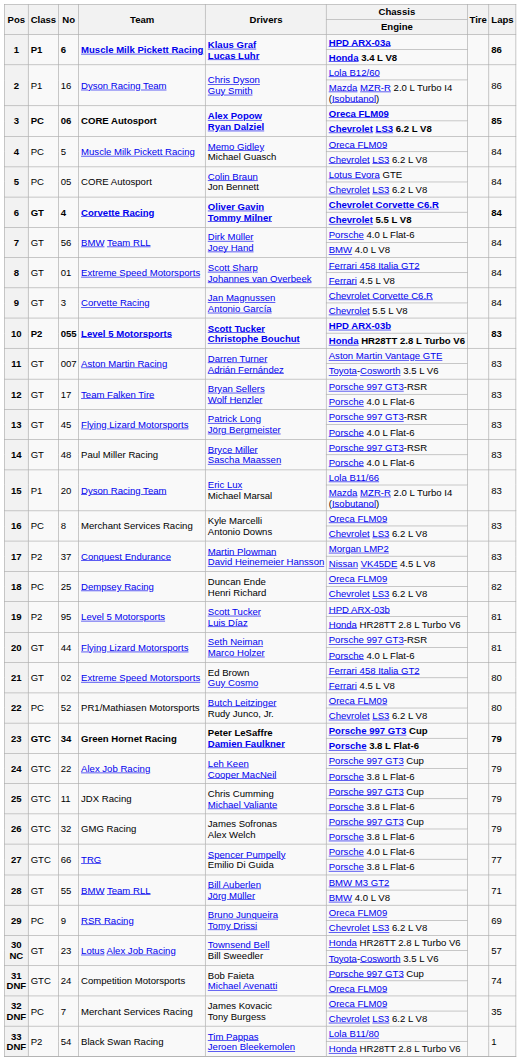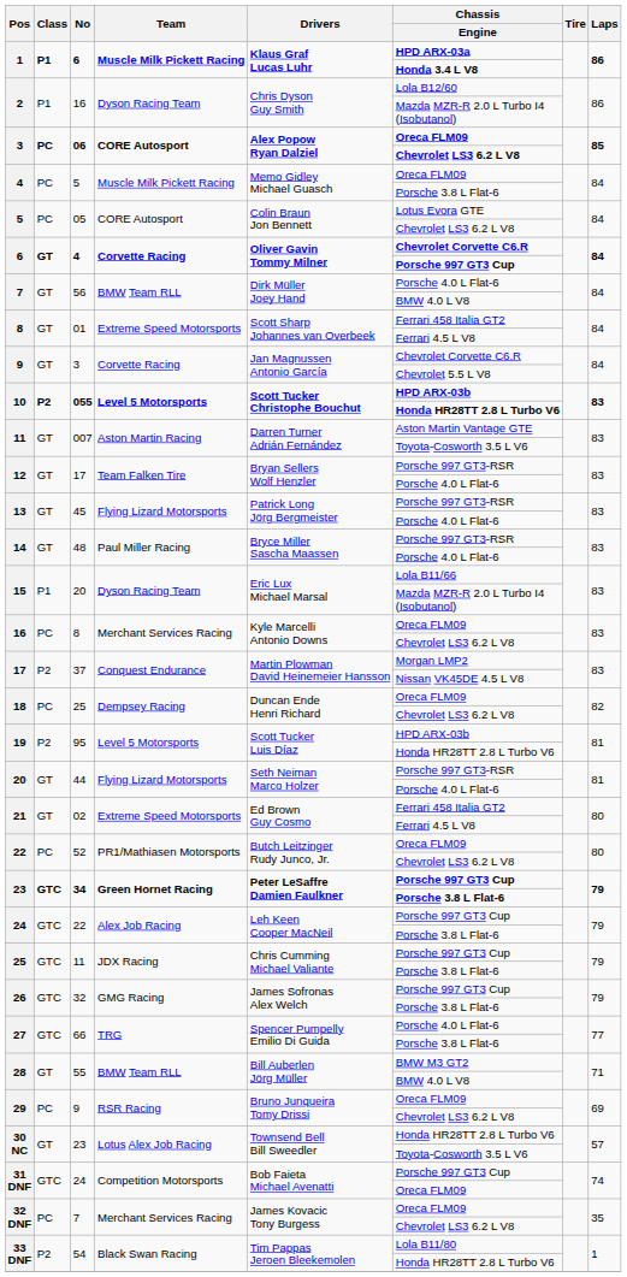 <table class="wikitable" style="font-size: 95%;">
 <tr>
 <th rowspan=2>Pos</th>
 <th rowspan=2>Class</th>
 <th rowspan=2>No</th>
 <th rowspan=2>Team</th>
 <th rowspan=2>Drivers</th>
 <th>Chassis</th>
 <th rowspan=2>Tire</th>
 <th rowspan=2>Laps</th>
 </tr>
 <tr>
 <th>Engine</th>
 </tr>
 <tr style="font-weight:bold">
 <th rowspan=2>1</th>
 <td rowspan=2>P1</td>
 <td rowspan=2>6</td>
 <td rowspan=2> <a href='#'>Muscle Milk Pickett Racing</a></td>
 <td rowspan=2> <a href='#'>Klaus Graf</a><br> <a href='#'>Lucas Luhr</a></td>
 <td><a href='#'>HPD ARX-03a</a></td>
 <td rowspan=2></td>
 <td rowspan=2>86</td>
 </tr>
 <tr style="font-weight:bold">
 <td><a href='#'>Honda</a> 3.4 L V8</td>
 </tr>
 <tr>
 <th rowspan=2>2</th>
 <td rowspan=2>P1</td>
 <td rowspan=2>16</td>
 <td rowspan=2> <a href='#'>Dyson Racing Team</a></td>
 <td rowspan=2> <a href='#'>Chris Dyson</a><br> <a href='#'>Guy Smith</a></td>
 <td><a href='#'>Lola B12/60</a></td>
 <td rowspan=2></td>
 <td rowspan=2>86</td>
 </tr>
 <tr>
 <td><a href='#'>Mazda</a> <a href='#'>MZR-R</a> 2.0 L Turbo I4<br>(<a href='#'>Isobutanol</a>)</td>
 </tr>
 <tr style="font-weight:bold">
 <th rowspan=2>3</th>
 <td rowspan=2>PC</td>
 <td rowspan=2>06</td>
 <td rowspan=2> CORE Autosport</td>
 <td rowspan=2> <a href='#'>Alex Popow</a><br> <a href='#'>Ryan Dalziel</a></td>
 <td><a href='#'>Oreca FLM09</a></td>
 <td rowspan=2></td>
 <td rowspan=2>85</td>
 </tr>
 <tr style="font-weight:bold">
 <td><a href='#'>Chevrolet</a> <a href='#'>LS3</a> 6.2 L V8</td>
 </tr>
 <tr>
 <th rowspan=2>4</th>
 <td rowspan=2>PC</td>
 <td rowspan=2>5</td>
 <td rowspan=2> <a href='#'>Muscle Milk Pickett Racing</a></td>
 <td rowspan=2> <a href='#'>Memo Gidley</a><br> Michael Guasch</td>
 <td><a href='#'>Oreca FLM09</a></td>
 <td rowspan=2></td>
 <td rowspan=2>84</td>
 </tr>
 <tr>
-<td><a href='#'>Chevrolet</a> <a href='#'>LS3</a> 6.2 L V8</td>
+<td><a href='#'>Porsche</a> 3.8 L Flat-6</td>
 </tr>
 <tr>
 <th rowspan=2>5</th>
 <td rowspan=2>PC</td>
 <td rowspan=2>05</td>
 <td rowspan=2> CORE Autosport</td>
 <td rowspan=2> <a href='#'>Colin Braun</a><br> Jon Bennett</td>
 <td><a href='#'>Lotus Evora</a> GTE</td>
 <td rowspan=2></td>
 <td rowspan=2>84</td>
 </tr>
 <tr>
 <td><a href='#'>Chevrolet</a> <a href='#'>LS3</a> 6.2 L V8</td>
 </tr>
 <tr style="font-weight:bold">
 <th rowspan=2>6</th>
 <td rowspan=2>GT</td>
 <td rowspan=2>4</td>
 <td rowspan=2> <a href='#'>Corvette Racing</a></td>
 <td rowspan=2> <a href='#'>Oliver Gavin</a><br> <a href='#'>Tommy Milner</a></td>
 <td><a href='#'>Chevrolet Corvette C6.R</a></td>
 <td rowspan=2></td>
 <td rowspan=2>84</td>
 </tr>
 <tr style="font-weight:bold">
-<td><a href='#'>Chevrolet</a> 5.5 L V8</td>
+<td><a href='#'>Porsche 997 GT3</a> Cup</td>
 </tr>
 <tr>
 <th rowspan=2>7</th>
 <td rowspan=2>GT</td>
 <td rowspan=2>56</td>
 <td rowspan=2> <a href='#'>BMW</a> <a href='#'>Team RLL</a></td>
 <td rowspan=2> <a href='#'>Dirk Müller</a><br> <a href='#'>Joey Hand</a></td>
 <td><a href='#'>Porsche</a> 4.0 L Flat-6</td>
 <td rowspan=2></td>
 <td rowspan=2>84</td>
 </tr>
 <tr>
 <td><a href='#'>BMW</a> 4.0 L V8</td>
 </tr>
 <tr>
 <th rowspan=2>8</th>
 <td rowspan=2>GT</td>
 <td rowspan=2>01</td>
 <td rowspan=2> <a href='#'>Extreme Speed Motorsports</a></td>
 <td rowspan=2> <a href='#'>Scott Sharp</a><br> <a href='#'>Johannes van Overbeek</a></td>
 <td><a href='#'>Ferrari 458 Italia GT2</a></td>
 <td rowspan=2></td>
 <td rowspan=2>84</td>
 </tr>
 <tr>
 <td><a href='#'>Ferrari</a> 4.5 L V8</td>
 </tr>
 <tr>
 <th rowspan=2>9</th>
 <td rowspan=2>GT</td>
 <td rowspan=2>3</td>
 <td rowspan=2> <a href='#'>Corvette Racing</a></td>
 <td rowspan=2> <a href='#'>Jan Magnussen</a><br> <a href='#'>Antonio García</a></td>
 <td><a href='#'>Chevrolet Corvette C6.R</a></td>
 <td rowspan=2></td>
 <td rowspan=2>84</td>
 </tr>
 <tr>
 <td><a href='#'>Chevrolet</a> 5.5 L V8</td>
 </tr>
 <tr style="font-weight:bold">
 <th rowspan=2>10</th>
 <td rowspan=2>P2</td>
 <td rowspan=2>055</td>
 <td rowspan=2> <a href='#'>Level 5 Motorsports</a></td>
 <td rowspan=2> <a href='#'>Scott Tucker</a><br> <a href='#'>Christophe Bouchut</a></td>
 <td><a href='#'>HPD ARX-03b</a></td>
 <td rowspan=2></td>
 <td rowspan=2>83</td>
 </tr>
 <tr style="font-weight:bold">
 <td><a href='#'>Honda</a> HR28TT 2.8 L Turbo V6</td>
 </tr>
 <tr>
 <th rowspan=2>11</th>
 <td rowspan=2>GT</td>
 <td rowspan=2>007</td>
 <td rowspan=2> <a href='#'>Aston Martin Racing</a></td>
 <td rowspan=2> <a href='#'>Darren Turner</a><br> <a href='#'>Adrián Fernández</a></td>
 <td><a href='#'>Aston Martin Vantage GTE</a></td>
 <td rowspan=2></td>
 <td rowspan=2>83</td>
 </tr>
 <tr>
 <td><a href='#'>Toyota</a>-<a href='#'>Cosworth</a> 3.5 L V6</td>
 </tr>
 <tr>
 <th rowspan=2>12</th>
 <td rowspan=2>GT</td>
 <td rowspan=2>17</td>
 <td rowspan=2> <a href='#'>Team Falken Tire</a></td>
 <td rowspan=2> <a href='#'>Bryan Sellers</a><br> <a href='#'>Wolf Henzler</a></td>
 <td><a href='#'>Porsche 997 GT3</a>-RSR</td>
 <td rowspan=2></td>
 <td rowspan=2>83</td>
 </tr>
 <tr>
 <td><a href='#'>Porsche</a> 4.0 L Flat-6</td>
 </tr>
 <tr>
 <th rowspan=2>13</th>
 <td rowspan=2>GT</td>
 <td rowspan=2>45</td>
 <td rowspan=2> <a href='#'>Flying Lizard Motorsports</a></td>
 <td rowspan=2> <a href='#'>Patrick Long</a><br> <a href='#'>Jörg Bergmeister</a></td>
 <td><a href='#'>Porsche 997 GT3</a>-RSR</td>
 <td rowspan=2></td>
 <td rowspan=2>83</td>
 </tr>
 <tr>
 <td><a href='#'>Porsche</a> 4.0 L Flat-6</td>
 </tr>
 <tr>
 <th rowspan=2>14</th>
 <td rowspan=2>GT</td>
 <td rowspan=2>48</td>
 <td rowspan=2> Paul Miller Racing</td>
 <td rowspan=2> <a href='#'>Bryce Miller</a><br> <a href='#'>Sascha Maassen</a></td>
 <td><a href='#'>Porsche 997 GT3</a>-RSR</td>
 <td rowspan=2></td>
 <td rowspan=2>83</td>
 </tr>
 <tr>
 <td><a href='#'>Porsche</a> 4.0 L Flat-6</td>
 </tr>
 <tr>
 <th rowspan=2>15</th>
 <td rowspan=2>P1</td>
 <td rowspan=2>20</td>
 <td rowspan=2> <a href='#'>Dyson Racing Team</a></td>
 <td rowspan=2> <a href='#'>Eric Lux</a><br> Michael Marsal</td>
 <td><a href='#'>Lola B11/66</a></td>
 <td rowspan=2></td>
 <td rowspan=2>83</td>
 </tr>
 <tr>
 <td><a href='#'>Mazda</a> <a href='#'>MZR-R</a> 2.0 L Turbo I4<br>(<a href='#'>Isobutanol</a>)</td>
 </tr>
 <tr>
 <th rowspan=2>16</th>
 <td rowspan=2>PC</td>
 <td rowspan=2>8</td>
 <td rowspan=2> Merchant Services Racing</td>
 <td rowspan=2> Kyle Marcelli<br> Antonio Downs</td>
 <td><a href='#'>Oreca FLM09</a></td>
 <td rowspan=2></td>
 <td rowspan=2>83</td>
 </tr>
 <tr>
 <td><a href='#'>Chevrolet</a> <a href='#'>LS3</a> 6.2 L V8</td>
 </tr>
 <tr>
 <th rowspan=2>17</th>
 <td rowspan=2>P2</td>
 <td rowspan=2>37</td>
 <td rowspan=2> <a href='#'>Conquest Endurance</a></td>
 <td rowspan=2> <a href='#'>Martin Plowman</a><br> <a href='#'>David Heinemeier Hansson</a></td>
 <td><a href='#'>Morgan LMP2</a></td>
 <td rowspan=2></td>
 <td rowspan=2>83</td>
 </tr>
 <tr>
 <td><a href='#'>Nissan</a> <a href='#'>VK45DE</a> 4.5 L V8</td>
 </tr>
 <tr>
 <th rowspan=2>18</th>
 <td rowspan=2>PC</td>
 <td rowspan=2>25</td>
 <td rowspan=2> <a href='#'>Dempsey Racing</a></td>
 <td rowspan=2> Duncan Ende<br> Henri Richard</td>
 <td><a href='#'>Oreca FLM09</a></td>
 <td rowspan=2></td>
 <td rowspan=2>82</td>
 </tr>
 <tr>
 <td><a href='#'>Chevrolet</a> <a href='#'>LS3</a> 6.2 L V8</td>
 </tr>
 <tr>
 <th rowspan=2>19</th>
 <td rowspan=2>P2</td>
 <td rowspan=2>95</td>
 <td rowspan=2> <a href='#'>Level 5 Motorsports</a></td>
 <td rowspan=2> <a href='#'>Scott Tucker</a><br> <a href='#'>Luis Díaz</a></td>
 <td><a href='#'>HPD ARX-03b</a></td>
 <td rowspan=2></td>
 <td rowspan=2>81</td>
 </tr>
 <tr>
 <td><a href='#'>Honda</a> HR28TT 2.8 L Turbo V6</td>
 </tr>
 <tr>
 <th rowspan=2>20</th>
 <td rowspan=2>GT</td>
 <td rowspan=2>44</td>
 <td rowspan=2> <a href='#'>Flying Lizard Motorsports</a></td>
 <td rowspan=2> <a href='#'>Seth Neiman</a><br> <a href='#'>Marco Holzer</a></td>
 <td><a href='#'>Porsche 997 GT3</a>-RSR</td>
 <td rowspan=2></td>
 <td rowspan=2>81</td>
 </tr>
 <tr>
 <td><a href='#'>Porsche</a> 4.0 L Flat-6</td>
 </tr>
 <tr>
 <th rowspan=2>21</th>
 <td rowspan=2>GT</td>
 <td rowspan=2>02</td>
 <td rowspan=2> <a href='#'>Extreme Speed Motorsports</a></td>
 <td rowspan=2> Ed Brown<br> <a href='#'>Guy Cosmo</a></td>
 <td><a href='#'>Ferrari 458 Italia GT2</a></td>
 <td rowspan=2></td>
 <td rowspan=2>80</td>
 </tr>
 <tr>
 <td><a href='#'>Ferrari</a> 4.5 L V8</td>
 </tr>
 <tr>
 <th rowspan=2>22</th>
 <td rowspan=2>PC</td>
 <td rowspan=2>52</td>
 <td rowspan=2> PR1/Mathiasen Motorsports</td>
 <td rowspan=2> <a href='#'>Butch Leitzinger</a><br> Rudy Junco, Jr.</td>
 <td><a href='#'>Oreca FLM09</a></td>
 <td rowspan=2></td>
 <td rowspan=2>80</td>
 </tr>
 <tr>
 <td><a href='#'>Chevrolet</a> <a href='#'>LS3</a> 6.2 L V8</td>
 </tr>
 <tr style="font-weight:bold">
 <th rowspan=2>23</th>
 <td rowspan=2>GTC</td>
 <td rowspan=2>34</td>
 <td rowspan=2> Green Hornet Racing</td>
 <td rowspan=2> Peter LeSaffre<br> <a href='#'>Damien Faulkner</a></td>
 <td><a href='#'>Porsche 997 GT3</a> Cup</td>
 <td rowspan=2></td>
 <td rowspan=2>79</td>
 </tr>
 <tr style="font-weight:bold">
 <td><a href='#'>Porsche</a> 3.8 L Flat-6</td>
 </tr>
 <tr>
 <th rowspan=2>24</th>
 <td rowspan=2>GTC</td>
 <td rowspan=2>22</td>
 <td rowspan=2> <a href='#'>Alex Job Racing</a></td>
 <td rowspan=2> <a href='#'>Leh Keen</a><br> <a href='#'>Cooper MacNeil</a></td>
 <td><a href='#'>Porsche 997 GT3</a> Cup</td>
 <td rowspan=2></td>
 <td rowspan=2>79</td>
 </tr>
 <tr>
 <td><a href='#'>Porsche</a> 3.8 L Flat-6</td>
 </tr>
 <tr>
 <th rowspan=2>25</th>
 <td rowspan=2>GTC</td>
 <td rowspan=2>11</td>
 <td rowspan=2> JDX Racing</td>
 <td rowspan=2> Chris Cumming<br> <a href='#'>Michael Valiante</a></td>
 <td><a href='#'>Porsche 997 GT3</a> Cup</td>
 <td rowspan=2></td>
 <td rowspan=2>79</td>
 </tr>
 <tr>
 <td><a href='#'>Porsche</a> 3.8 L Flat-6</td>
 </tr>
 <tr>
 <th rowspan=2>26</th>
 <td rowspan=2>GTC</td>
 <td rowspan=2>32</td>
 <td rowspan=2> GMG Racing</td>
 <td rowspan=2> James Sofronas<br> Alex Welch</td>
 <td><a href='#'>Porsche 997 GT3</a> Cup</td>
 <td rowspan=2></td>
 <td rowspan=2>79</td>
 </tr>
 <tr>
 <td><a href='#'>Porsche</a> 3.8 L Flat-6</td>
 </tr>
 <tr>
 <th rowspan=2>27</th>
 <td rowspan=2>GTC</td>
 <td rowspan=2>66</td>
 <td rowspan=2> <a href='#'>TRG</a></td>
 <td rowspan=2> <a href='#'>Spencer Pumpelly</a><br> Emilio Di Guida</td>
 <td><a href='#'>Porsche</a> 4.0 L Flat-6</td>
 <td rowspan=2></td>
 <td rowspan=2>77</td>
 </tr>
 <tr>
 <td><a href='#'>Porsche</a> 3.8 L Flat-6</td>
 </tr>
 <tr>
 <th rowspan=2>28</th>
 <td rowspan=2>GT</td>
 <td rowspan=2>55</td>
 <td rowspan=2> <a href='#'>BMW</a> <a href='#'>Team RLL</a></td>
 <td rowspan=2> <a href='#'>Bill Auberlen</a><br> <a href='#'>Jörg Müller</a></td>
 <td><a href='#'>BMW M3 GT2</a></td>
 <td rowspan=2></td>
 <td rowspan=2>71</td>
 </tr>
 <tr>
 <td><a href='#'>BMW</a> 4.0 L V8</td>
 </tr>
 <tr>
 <th rowspan=2>29</th>
 <td rowspan=2>PC</td>
 <td rowspan=2>9</td>
 <td rowspan=2> <a href='#'>RSR Racing</a></td>
 <td rowspan=2> <a href='#'>Bruno Junqueira</a><br> <a href='#'>Tomy Drissi</a></td>
 <td><a href='#'>Oreca FLM09</a></td>
 <td rowspan=2></td>
 <td rowspan=2>69</td>
 </tr>
 <tr>
 <td><a href='#'>Chevrolet</a> <a href='#'>LS3</a> 6.2 L V8</td>
 </tr>
 <tr>
 <th rowspan=2>30<br>NC</th>
 <td rowspan=2>GT</td>
 <td rowspan=2>23</td>
 <td rowspan=2> <a href='#'>Lotus</a> <a href='#'>Alex Job Racing</a></td>
 <td rowspan=2> <a href='#'>Townsend Bell</a><br> Bill Sweedler</td>
 <td><a href='#'>Honda</a> HR28TT 2.8 L Turbo V6</td>
 <td rowspan=2></td>
 <td rowspan=2>57</td>
 </tr>
 <tr>
 <td><a href='#'>Toyota</a>-<a href='#'>Cosworth</a> 3.5 L V6</td>
 </tr>
 <tr>
 <th rowspan=2>31<br>DNF</th>
 <td rowspan=2>GTC</td>
 <td rowspan=2>24</td>
 <td rowspan=2> Competition Motorsports</td>
 <td rowspan=2> Bob Faieta<br> <a href='#'>Michael Avenatti</a></td>
 <td><a href='#'>Porsche 997 GT3</a> Cup</td>
 <td rowspan=2></td>
 <td rowspan=2>74</td>
 </tr>
 <tr>
 <td><a href='#'>Oreca FLM09</a></td>
 </tr>
 <tr>
 <th rowspan=2>32<br>DNF</th>
 <td rowspan=2>PC</td>
 <td rowspan=2>7</td>
 <td rowspan=2> Merchant Services Racing</td>
 <td rowspan=2> James Kovacic<br> Tony Burgess</td>
 <td><a href='#'>Oreca FLM09</a></td>
 <td rowspan=2></td>
 <td rowspan=2>35</td>
 </tr>
 <tr>
 <td><a href='#'>Chevrolet</a> <a href='#'>LS3</a> 6.2 L V8</td>
 </tr>
 <tr>
 <th rowspan=2>33<br>DNF</th>
 <td rowspan=2>P2</td>
 <td rowspan=2>54</td>
 <td rowspan=2> Black Swan Racing</td>
 <td rowspan=2> <a href='#'>Tim Pappas</a><br> <a href='#'>Jeroen Bleekemolen</a></td>
 <td><a href='#'>Lola B11/80</a></td>
 <td rowspan=2></td>
 <td rowspan=2>1</td>
 </tr>
 <tr>
 <td><a href='#'>Honda</a> HR28TT 2.8 L Turbo V6</td>
 </tr>
 <tr>
 </tr>
 </table>
